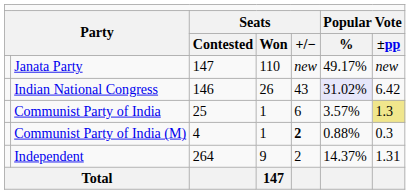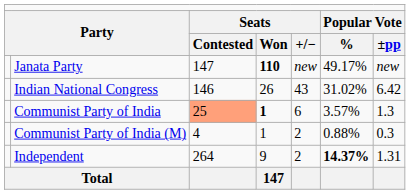 <table class="wikitable">
 <tr>
 <td colspan="7"></td>
 </tr>
 <tr>
 <th colspan="2" rowspan="2">Party</th>
 <th colspan="3">Seats</th>
 <th colspan="2">Popular Vote</th>
 </tr>
 <tr>
 <th>Contested</th>
 <th>Won</th>
 <th><strong>+/−</strong></th>
 <th>%</th>
 <th>±<a href='#'>pp</a></th>
 </tr>
 <tr>
 <td style="background-color: "></td>
 <td><a href='#'>Janata Party</a></td>
 <td>147</td>
-<td>110</td>
+<td><strong>110</strong></td>
 <td><em>new</em></td>
 <td>49.17%</td>
 <td><em>new</em></td>
 </tr>
 <tr>
 <td style="background-color: "></td>
 <td><a href='#'>Indian National Congress</a></td>
 <td>146</td>
 <td>26</td>
 <td>43</td>
-<td style="background: lavender;">31.02%</td>
+<td>31.02%</td>
 <td>6.42</td>
 </tr>
 <tr>
 <td style="background-color: "></td>
 <td><a href='#'>Communist Party of India</a></td>
-<td>25</td>
-<td>1</td>
+<td style="background: lightsalmon;">25</td>
+<td><strong>1</strong></td>
 <td>6</td>
 <td>3.57%</td>
-<td style="background: khaki;">1.3</td>
+<td>1.3</td>
 </tr>
 <tr>
 <td style="background-color: "></td>
 <td><a href='#'>Communist Party of India (M)</a></td>
 <td>4</td>
 <td>1</td>
-<td><strong>2</strong></td>
+<td>2</td>
 <td>0.88%</td>
 <td>0.3</td>
 </tr>
 <tr>
 <td style="background-color: "></td>
 <td><a href='#'>Independent</a></td>
 <td>264</td>
 <td>9</td>
 <td>2</td>
-<td>14.37%</td>
+<td><strong>14.37%</strong></td>
 <td>1.31</td>
 </tr>
 <tr>
 <th colspan="2">Total</th>
 <th></th>
 <th>147</th>
 <th></th>
 <th></th>
 <th></th>
 </tr>
 </table>
